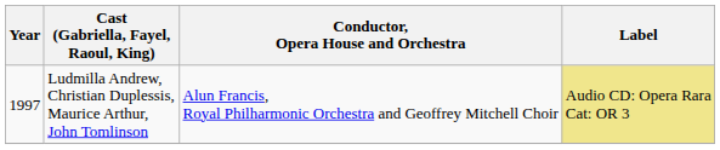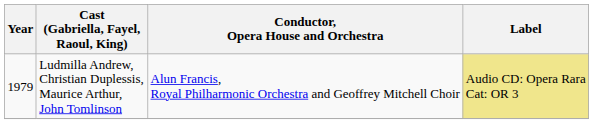 <table class="wikitable">
 <tr>
 <th>Year</th>
 <th width="130">Cast <br>(Gabriella, Fayel, Raoul, King)</th>
 <th>Conductor,<br>Opera House and Orchestra</th>
 <th>Label</th>
 </tr>
 <tr>
-<td>1997</td>
+<td>1979</td>
 <td>Ludmilla Andrew,<br>Christian Duplessis,<br>Maurice Arthur,<br><a href='#'>John Tomlinson</a></td>
 <td><a href='#'>Alun Francis</a>,<br><a href='#'>Royal Philharmonic Orchestra</a> and Geoffrey Mitchell Choir</td>
 <td style="background: khaki;">Audio CD: Opera Rara<br>Cat: OR 3</td>
 </tr>
 <tr>
 </tr>
 </table>
